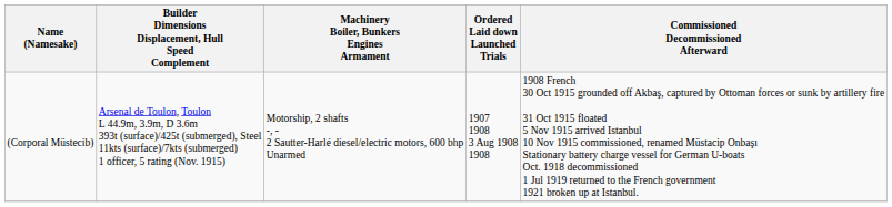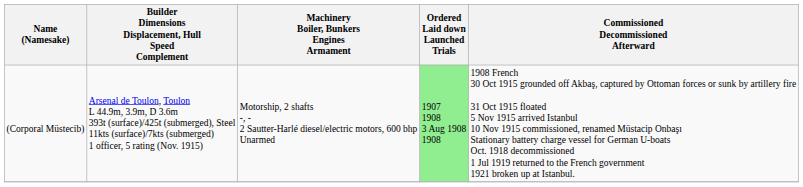 <table class="wikitable" style="font-size:90%;">
 <tr bgcolor="#e6e9ff">
 <th>Name<br>(Namesake)</th>
 <th>Builder<br>Dimensions<br>Displacement, Hull<br>Speed<br>Complement</th>
 <th>Machinery<br>Boiler, Bunkers<br>Engines<br>Armament</th>
 <th>Ordered<br>Laid down<br>Launched<br>Trials</th>
 <th>Commissioned<br>Decommissioned<br>Afterward</th>
 </tr>
 <tr ---->
 <td><br>(Corporal Müstecib)</td>
 <td> <a href='#'>Arsenal de Toulon</a>, <a href='#'>Toulon</a><br>L 44.9m, 3.9m, D 3.6m<br>393t (surface)/425t (submerged), Steel<br>11kts (surface)/7kts (submerged)<br>1 officer, 5 rating (Nov. 1915)</td>
 <td>Motorship, 2 shafts<br>-, -<br>2 Sautter-Harlé diesel/electric motors, 600 bhp<br>Unarmed</td>
-<td>1907<br>1908<br>3 Aug 1908<br>1908</td>
+<td style="background: lightgreen;">1907<br>1908<br>3 Aug 1908<br>1908</td>
 <td>1908  French  <br>30 Oct 1915 grounded off Akbaş, captured by Ottoman forces or sunk by artillery fire<br><br>31 Oct 1915 floated<br>5 Nov 1915 arrived Istanbul<br>10 Nov 1915 commissioned, renamed Müstacip Onbaşı<br>Stationary battery charge vessel for German U-boats<br>Oct. 1918 decommissioned<br>1 Jul 1919 returned to the French government<br>1921 broken up at Istanbul.</td>
 </tr>
 <tr ---->
 </tr>
 </table>
